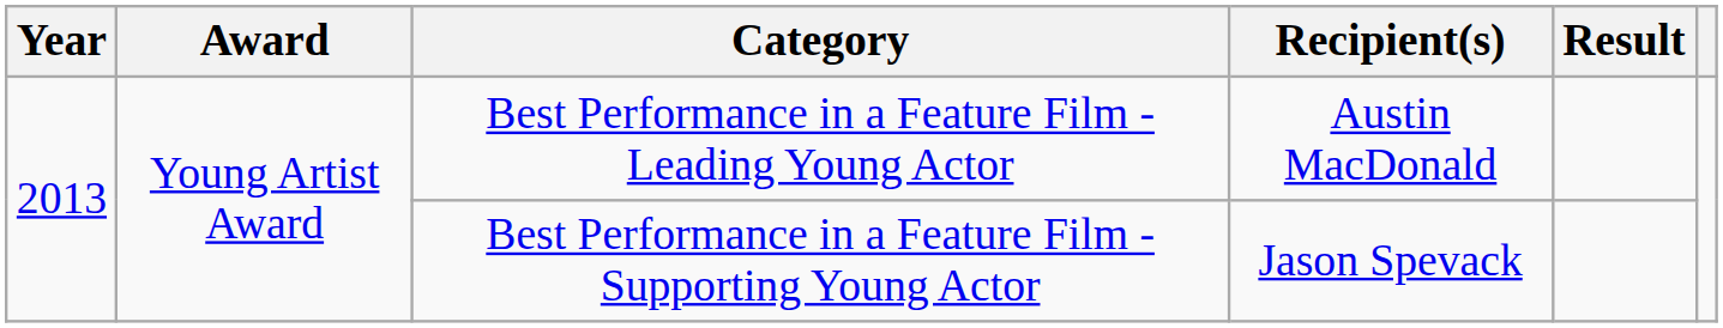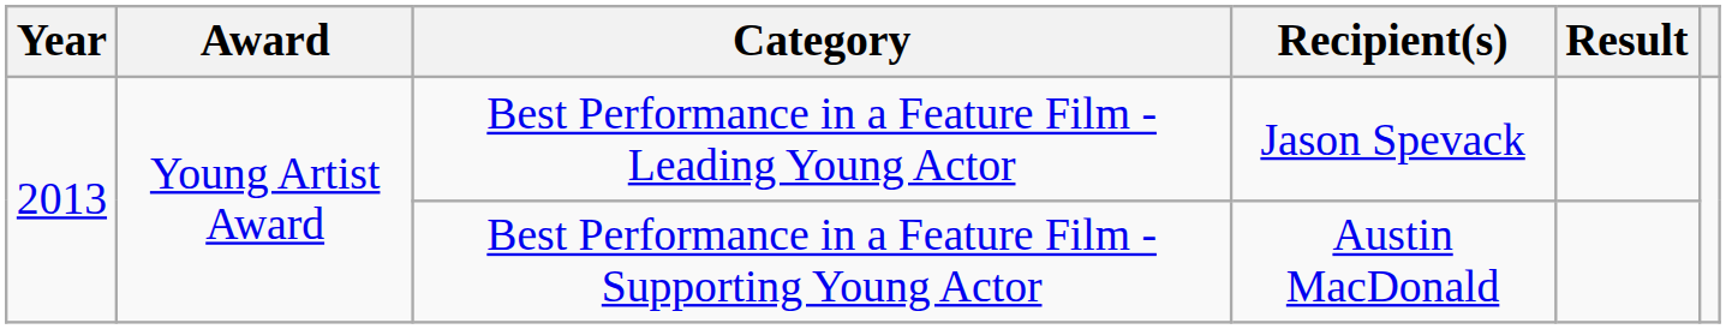 <table class="wikitable sortable plainrowheaders" rowspan=5; style="text-align: center;">
 <tr>
 <th>Year</th>
 <th>Award</th>
 <th>Category</th>
 <th>Recipient(s)</th>
 <th>Result</th>
 <th></th>
 </tr>
 <tr>
 <td rowspan=2><a href='#'>2013</a></td>
 <td rowspan=2><a href='#'>Young Artist Award</a></td>
 <td><a href='#'>Best Performance in a Feature Film - Leading Young Actor</a></td>
-<td><a href='#'>Austin MacDonald</a></td>
+<td><a href='#'>Jason Spevack</a></td>
 <td></td>
 <td rowspan=2></td>
 </tr>
 <tr>
 <td><a href='#'>Best Performance in a Feature Film - Supporting Young Actor</a></td>
-<td><a href='#'>Jason Spevack</a></td>
+<td><a href='#'>Austin MacDonald</a></td>
 <td></td>
 </tr>
 </table>
